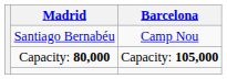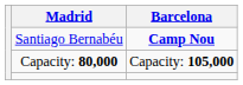 <table class="wikitable" style="text-align:center">
 <tr>
 <th rowspan="4"></th>
 <th><a href='#'>Madrid</a></th>
 <th><a href='#'>Barcelona</a></th>
 </tr>
 <tr>
 <td><a href='#'>Santiago Bernabéu</a></td>
-<td><a href='#'>Camp Nou</a></td>
+<td><strong><a href='#'>Camp Nou</a></strong></td>
 </tr>
 <tr>
 <td>Capacity: <strong>80,000</strong></td>
 <td>Capacity: <strong>105,000</strong></td>
 </tr>
 <tr>
 <td></td>
 <td></td>
 </tr>
 </table>
